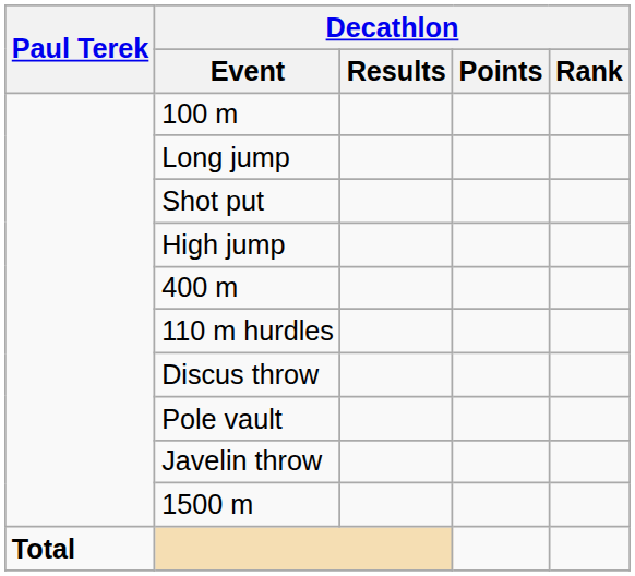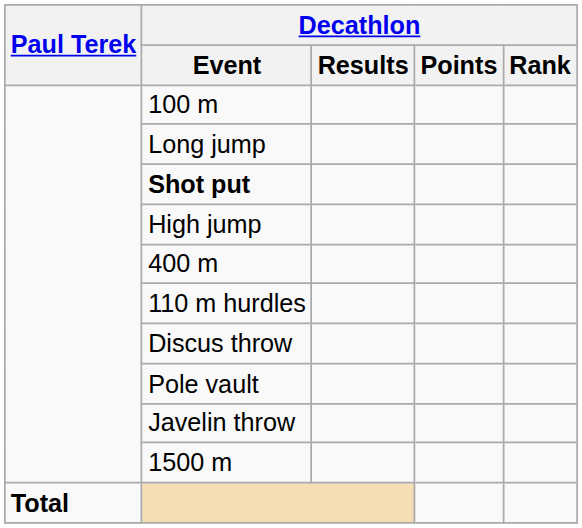 <table class=wikitable style="font-size:90%;">
 <tr>
 <th rowspan="2"><a href='#'>Paul Terek</a></th>
 <th colspan="4"><a href='#'>Decathlon</a></th>
 </tr>
 <tr>
 <th>Event</th>
 <th>Results</th>
 <th>Points</th>
 <th>Rank</th>
 </tr>
 <tr style="border-top: single;">
 <td rowspan="10"></td>
 <td>100 m</td>
 <td align=center></td>
 <td align=center></td>
 <td align=center></td>
 </tr>
 <tr>
 <td>Long jump</td>
 <td align=center></td>
 <td align=center></td>
 <td align=center></td>
 </tr>
 <tr>
-<td>Shot put</td>
+<td><strong>Shot put</strong></td>
 <td align=center></td>
 <td align=center></td>
 <td align=center></td>
 </tr>
 <tr>
 <td>High jump</td>
 <td align=center></td>
 <td align=center></td>
 <td align=center></td>
 </tr>
 <tr>
 <td>400 m</td>
 <td align=center></td>
 <td align=center></td>
 <td align=center></td>
 </tr>
 <tr>
 <td>110 m hurdles</td>
 <td align=center></td>
 <td align=center></td>
 <td align=center></td>
 </tr>
 <tr>
 <td>Discus throw</td>
 <td align=center></td>
 <td align=center></td>
 <td align=center></td>
 </tr>
 <tr>
 <td>Pole vault</td>
 <td align=center></td>
 <td align=center></td>
 <td align=center></td>
 </tr>
 <tr>
 <td>Javelin throw</td>
 <td align=center></td>
 <td align=center></td>
 <td align=center></td>
 </tr>
 <tr>
 <td>1500 m</td>
 <td align=center></td>
 <td align=center></td>
 <td align=center></td>
 </tr>
 <tr style="border-top: single;">
 <td><strong>Total</strong></td>
 <td colspan="2" style="background:wheat;"></td>
 <td align=center></td>
 <td align=center></td>
 </tr>
 </table>
